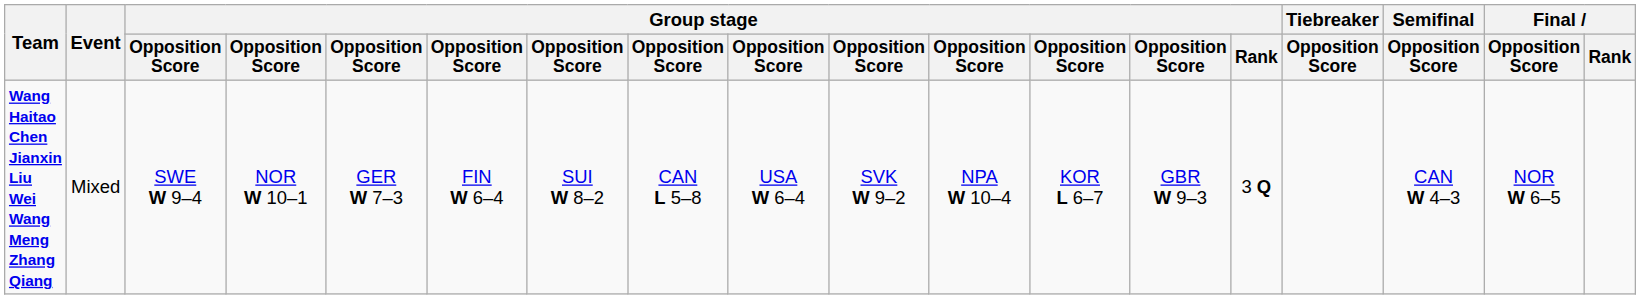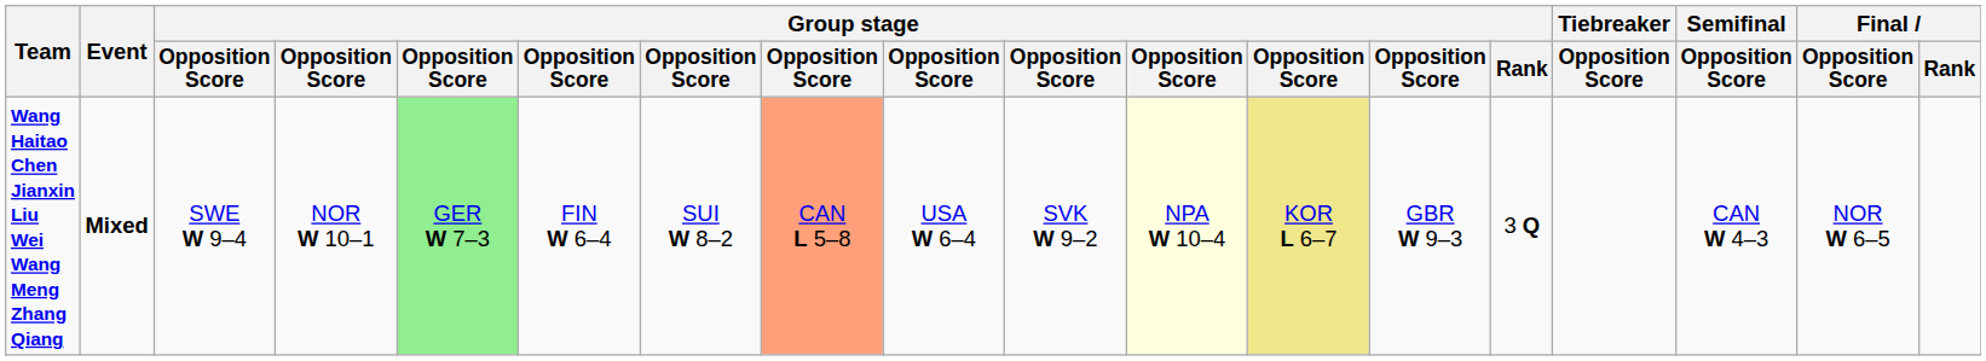 <table class=wikitable style="font-size:90%">
 <tr>
 <th rowspan=2>Team</th>
 <th rowspan=2>Event</th>
 <th colspan=12>Group stage</th>
 <th>Tiebreaker</th>
 <th>Semifinal</th>
 <th colspan=2>Final / </th>
 </tr>
 <tr style="font-size:95%">
 <th>Opposition<br>Score</th>
 <th>Opposition<br>Score</th>
 <th>Opposition<br>Score</th>
 <th>Opposition<br>Score</th>
 <th>Opposition<br>Score</th>
 <th>Opposition<br>Score</th>
 <th>Opposition<br>Score</th>
 <th>Opposition<br>Score</th>
 <th>Opposition<br>Score</th>
 <th>Opposition<br>Score</th>
 <th>Opposition<br>Score</th>
 <th>Rank</th>
 <th>Opposition<br>Score</th>
 <th>Opposition<br>Score</th>
 <th>Opposition<br>Score</th>
 <th>Rank</th>
 </tr>
 <tr align="center">
 <td align="left"><small><strong><a href='#'>Wang Haitao</a><br><a href='#'>Chen Jianxin</a><br><a href='#'>Liu Wei</a><br><a href='#'>Wang Meng</a><br><a href='#'>Zhang Qiang</a></strong></small></td>
-<td>Mixed</td>
+<td><strong>Mixed</strong></td>
 <td> <a href='#'>SWE</a><br> <strong>W</strong> 9–4</td>
 <td> <a href='#'>NOR</a><br> <strong>W</strong> 10–1</td>
-<td> <a href='#'>GER</a><br> <strong>W</strong> 7–3</td>
+<td style="background: lightgreen;"> <a href='#'>GER</a><br> <strong>W</strong> 7–3</td>
 <td> <a href='#'>FIN</a><br> <strong>W</strong> 6–4</td>
 <td> <a href='#'>SUI</a><br> <strong>W</strong> 8–2</td>
-<td> <a href='#'>CAN</a><br> <strong>L</strong> 5–8</td>
+<td style="background: lightsalmon;"> <a href='#'>CAN</a><br> <strong>L</strong> 5–8</td>
 <td> <a href='#'>USA</a><br> <strong>W</strong> 6–4</td>
 <td> <a href='#'>SVK</a><br> <strong>W</strong> 9–2</td>
-<td> <a href='#'>NPA</a><br> <strong>W</strong> 10–4</td>
-<td> <a href='#'>KOR</a><br> <strong>L</strong> 6–7</td>
+<td style="background: lightyellow;"> <a href='#'>NPA</a><br> <strong>W</strong> 10–4</td>
+<td style="background: khaki;"> <a href='#'>KOR</a><br> <strong>L</strong> 6–7</td>
 <td> <a href='#'>GBR</a><br> <strong>W</strong> 9–3</td>
 <td>3 <strong>Q</strong></td>
 <td></td>
 <td> <a href='#'>CAN</a><br> <strong>W</strong> 4–3</td>
 <td> <a href='#'>NOR</a><br> <strong>W</strong> 6–5</td>
 <td></td>
 </tr>
 </table>
